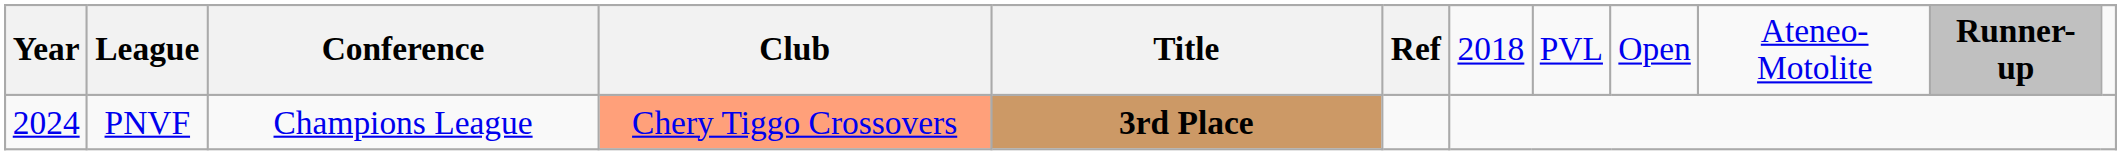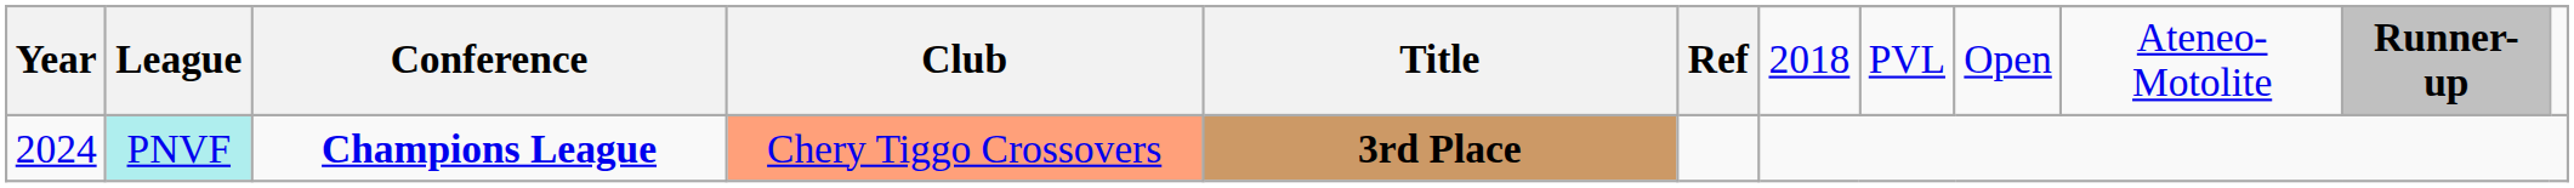 <table class="wikitable sortable" style="text-align:center" width="80%">
 <tr>
 <th style="width:25px;" rowspan="2">Year</th>
 <th style="width:50px;" rowspan="2">League</th>
 <th style="width:180px;" rowspan="2">Conference</th>
 <th style="width:180px;" rowspan="2">Club</th>
 <th style="width:180px;" rowspan="2">Title</th>
 <th style="width:25px;" rowspan="2">Ref</th>
 </tr>
 <tr>
 <td><a href='#'>2018</a></td>
 <td><a href='#'>PVL</a></td>
 <td><a href='#'>Open</a></td>
 <td><a href='#'>Ateneo-Motolite</a></td>
 <td style="background:silver;"><strong>Runner-up</strong></td>
 <td></td>
 </tr>
 <tr>
 <td><a href='#'>2024</a></td>
-<td><a href='#'>PNVF</a></td>
-<td><a href='#'>Champions League</a></td>
+<td style="background: paleturquoise;"><a href='#'>PNVF</a></td>
+<td><strong><a href='#'>Champions League</a></strong></td>
 <td style="background: lightsalmon;"><a href='#'>Chery Tiggo Crossovers</a></td>
 <td style="background:#c96;"><strong>3rd Place</strong></td>
 <td></td>
 </tr>
 </table>
